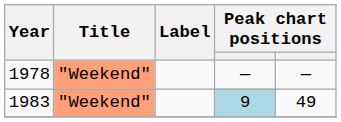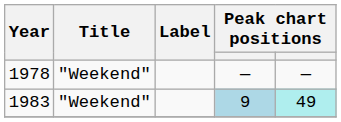 <table class="wikitable">
 <tr>
 <th rowspan="2">Year</th>
 <th rowspan="2">Title</th>
 <th rowspan="2">Label</th>
 <th colspan="4">Peak chart positions</th>
 </tr>
 <tr>
 <th width="40"></th>
 <th width="40"></th>
 </tr>
 <tr>
 <td>1978</td>
-<td style="background: lightsalmon;">"Weekend" </td>
+<td>"Weekend" </td>
 <td></td>
 <td align=center>―</td>
 <td align=center>―</td>
 </tr>
 <tr>
 <td>1983</td>
-<td style="background: lightsalmon;">"Weekend" </td>
+<td>"Weekend" </td>
 <td></td>
 <td align=center style="background: lightblue;">9</td>
-<td align=center>49</td>
+<td align=center style="background: paleturquoise;">49</td>
 </tr>
 <tr>
 </tr>
 </table>
